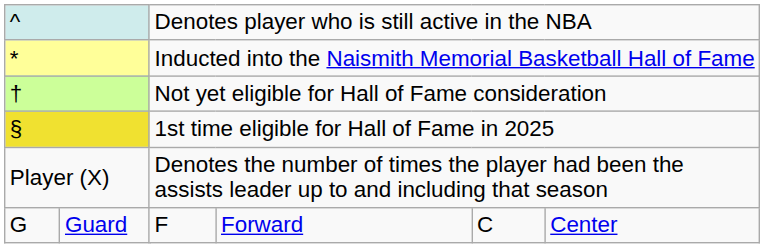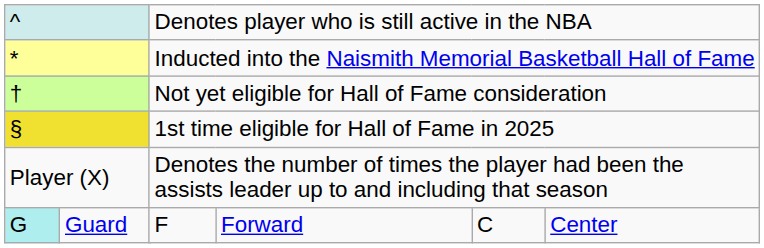 <table class="wikitable">
 <tr>
 <td style="background-color:#CFECEC; width:6em" colspan=2>^</td>
 <td colspan=5>Denotes player who is still active in the NBA</td>
 </tr>
 <tr>
 <td style="background-color:#FFFF99; width:6em" colspan=2>*</td>
 <td colspan=5>Inducted into the <a href='#'>Naismith Memorial Basketball Hall of Fame</a></td>
 </tr>
 <tr>
 <td style="background:#CCFF99; width:1em" colspan=2>†</td>
 <td colspan=5>Not yet eligible for Hall of Fame consideration</td>
 </tr>
 <tr>
 <td style="background:#F0E130; width:1em" colspan=2>§</td>
 <td colspan=5>1st time eligible for Hall of Fame in 2025</td>
 </tr>
 <tr>
 <td colspan=2>Player (X)</td>
 <td colspan=5>Denotes the number of times the player had been the<br>assists leader up to and including that season</td>
 </tr>
 <tr>
-<td style="width:2em">G</td>
+<td style="background: paleturquoise; width:2em">G</td>
 <td colspan=2><a href='#'>Guard</a></td>
 <td>F</td>
 <td><a href='#'>Forward</a></td>
 <td>C</td>
 <td><a href='#'>Center</a></td>
 </tr>
 </table>
